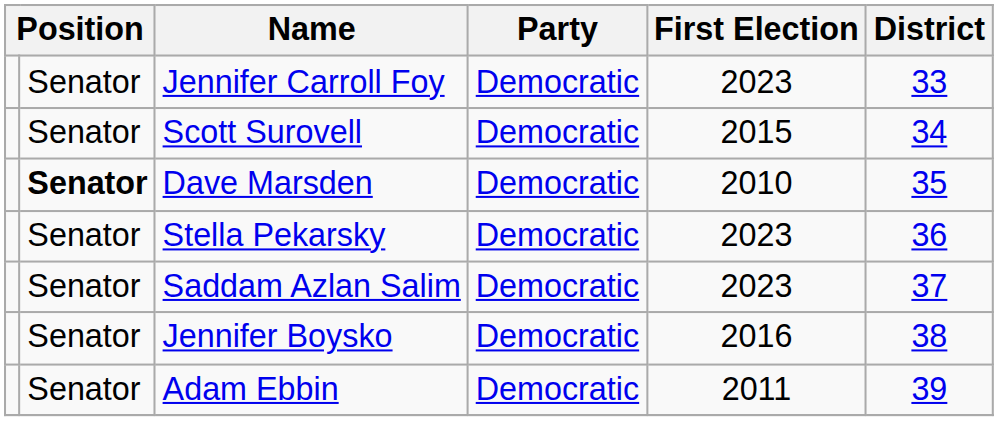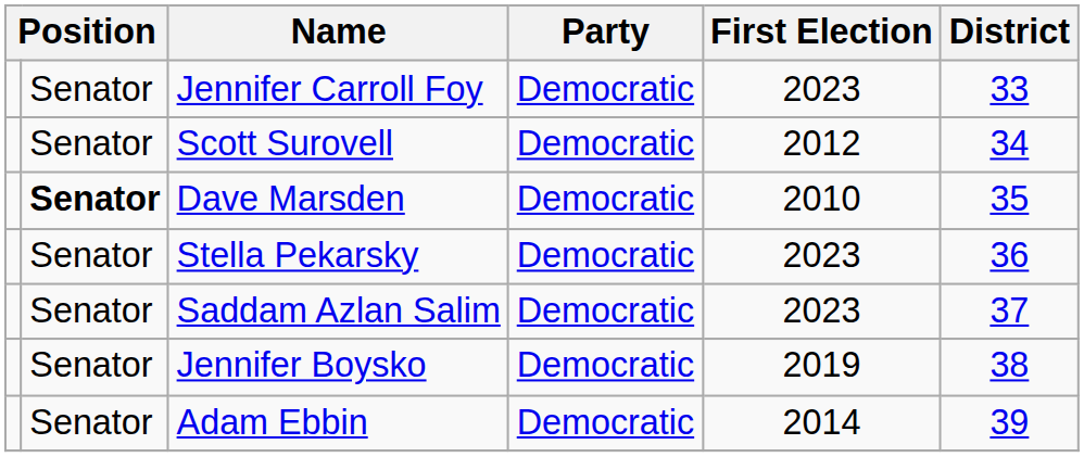 <table class=wikitable>
 <tr>
 <th colspan="2" style="text-align:center; vertical-align:bottom;">Position</th>
 <th style="text-align:center;">Name</th>
 <th valign=bottom>Party</th>
 <th style="vertical-align:bottom; text-align:center;">First Election</th>
 <th style="vertical-align:bottom; text-align:center;">District</th>
 </tr>
 <tr>
 <td style="background-color:"></td>
 <td>Senator</td>
 <td><a href='#'>Jennifer Carroll Foy</a></td>
 <td style="text-align:center;"><a href='#'>Democratic</a></td>
 <td style="text-align:center;">2023</td>
 <td style="text-align:center;"><a href='#'>33</a></td>
 </tr>
 <tr>
 <td style="background-color:"></td>
 <td>Senator</td>
 <td><a href='#'>Scott Surovell</a></td>
 <td style="text-align:center;"><a href='#'>Democratic</a></td>
-<td style="text-align:center;">2015</td>
+<td style="text-align:center;">2012</td>
 <td style="text-align:center;"><a href='#'>34</a></td>
 </tr>
 <tr>
 <td style="background-color:"></td>
 <td><strong>Senator</strong></td>
 <td><a href='#'>Dave Marsden</a></td>
 <td style="text-align:center;"><a href='#'>Democratic</a></td>
 <td style="text-align:center;">2010</td>
 <td style="text-align:center;"><a href='#'>35</a></td>
 </tr>
 <tr>
 <td style="background-color:"></td>
 <td>Senator</td>
 <td><a href='#'>Stella Pekarsky</a></td>
 <td style="text-align:center;"><a href='#'>Democratic</a></td>
 <td style="text-align:center;">2023</td>
 <td style="text-align:center;"><a href='#'>36</a></td>
 </tr>
 <tr>
 <td style="background-color:"></td>
 <td>Senator</td>
 <td><a href='#'>Saddam Azlan Salim</a></td>
 <td style="text-align:center;"><a href='#'>Democratic</a></td>
 <td style="text-align:center;">2023</td>
 <td style="text-align:center;"><a href='#'>37</a></td>
 </tr>
 <tr>
 <td style="background-color:"></td>
 <td>Senator</td>
 <td><a href='#'>Jennifer Boysko</a></td>
 <td style="text-align:center;"><a href='#'>Democratic</a></td>
-<td style="text-align:center;">2016</td>
+<td style="text-align:center;">2019</td>
 <td style="text-align:center;"><a href='#'>38</a></td>
 </tr>
 <tr>
 <td style="background-color:"></td>
 <td>Senator</td>
 <td><a href='#'>Adam Ebbin</a></td>
 <td style="text-align:center;"><a href='#'>Democratic</a></td>
-<td style="text-align:center;">2011</td>
+<td style="text-align:center;">2014</td>
 <td style="text-align:center;"><a href='#'>39</a></td>
 </tr>
 <tr>
 </tr>
 </table>
